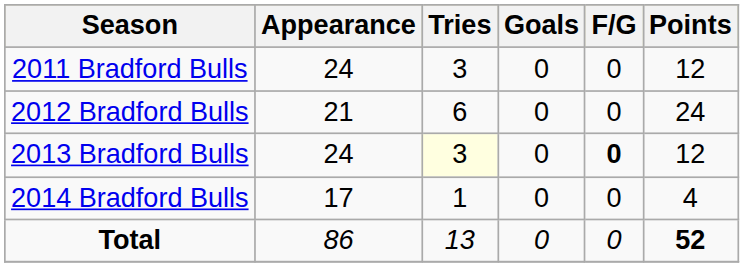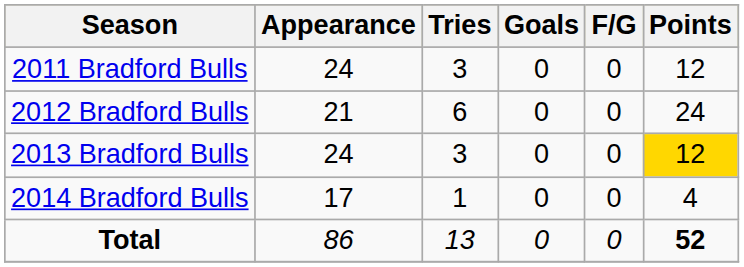 <table class="wikitable" style="text-align:center;">
 <tr bgcolor=#bdb76b>
 <th>Season</th>
 <th>Appearance</th>
 <th>Tries</th>
 <th>Goals</th>
 <th>F/G</th>
 <th>Points</th>
 </tr>
 <tr>
 <td><a href='#'>2011 Bradford Bulls</a></td>
 <td>24</td>
 <td>3</td>
 <td>0</td>
 <td>0</td>
 <td>12</td>
 </tr>
 <tr>
 <td><a href='#'>2012 Bradford Bulls</a></td>
 <td>21</td>
 <td>6</td>
 <td>0</td>
 <td>0</td>
 <td>24</td>
 </tr>
 <tr>
 <td><a href='#'>2013 Bradford Bulls</a></td>
 <td>24</td>
-<td style="background: lightyellow;">3</td>
+<td>3</td>
 <td>0</td>
-<td><strong>0</strong></td>
-<td>12</td>
+<td>0</td>
+<td style="background: gold;">12</td>
 </tr>
 <tr>
 <td><a href='#'>2014 Bradford Bulls</a></td>
 <td>17</td>
 <td>1</td>
 <td>0</td>
 <td>0</td>
 <td>4</td>
 </tr>
 <tr>
 <td><strong>Total</strong></td>
 <td><em>86</em></td>
 <td><em>13</em></td>
 <td><em>0</em></td>
 <td><em>0</em></td>
 <td><strong>52</strong></td>
 </tr>
 <tr>
 </tr>
 </table>
